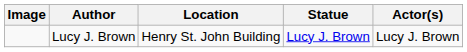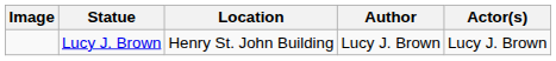 <table class="wikitable">
 <tr>
 <th>Image</th>
+<th>Statue</th>
+<th>Location</th>
 <th>Author</th>
-<th>Location</th>
-<th>Statue</th>
 <th>Actor(s)</th>
 </tr>
 <tr>
 <td></td>
+<td><a href='#'>Lucy J. Brown</a></td>
+<td>Henry St. John Building</td>
 <td>Lucy J. Brown</td>
-<td>Henry St. John Building</td>
-<td><a href='#'>Lucy J. Brown</a></td>
 <td>Lucy J. Brown</td>
 </tr>
 </table>
